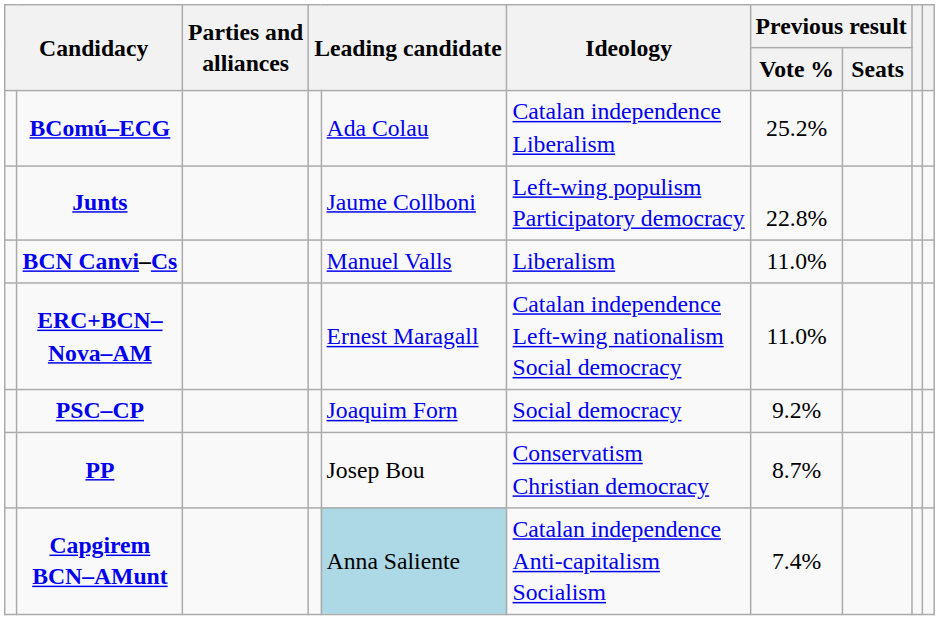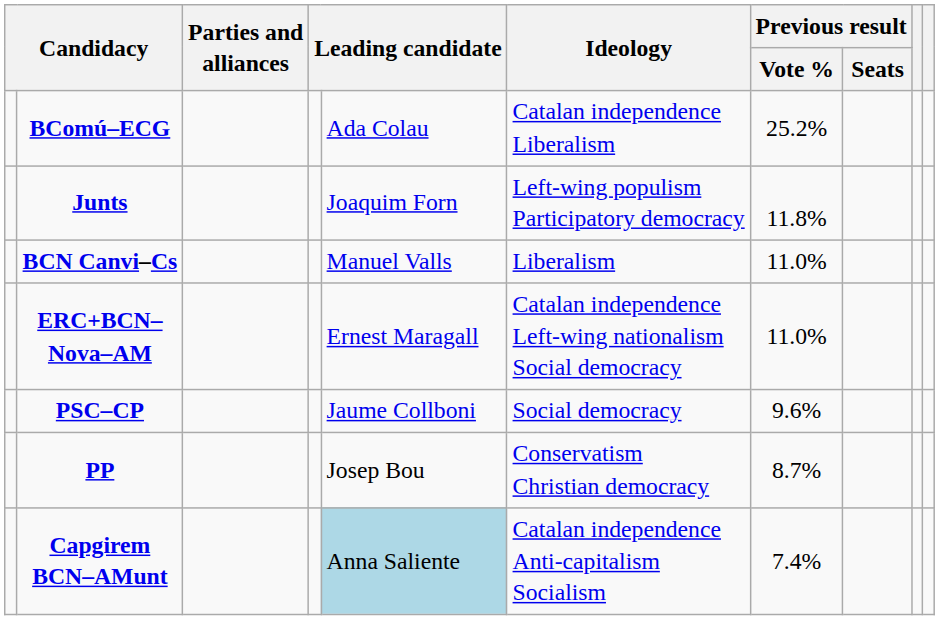 <table class="wikitable" style="line-height:1.35em; text-align:left;">
 <tr>
 <th colspan="2" rowspan="2">Candidacy</th>
 <th rowspan="2">Parties and<br>alliances</th>
 <th colspan="2" rowspan="2">Leading candidate</th>
 <th rowspan="2">Ideology</th>
 <th colspan="2">Previous result</th>
 <th rowspan="2"></th>
 <th rowspan="2"></th>
 </tr>
 <tr>
 <th>Vote %</th>
 <th>Seats</th>
 </tr>
 <tr>
 <td width="1" style="color:inherit;background:"></td>
 <td align="center"><strong><a href='#'>BComú–ECG</a></strong></td>
 <td></td>
 <td></td>
 <td><a href='#'>Ada Colau</a></td>
 <td><a href='#'>Catalan independence</a><br><a href='#'>Liberalism</a></td>
 <td align="center">25.2%</td>
 <td></td>
 <td></td>
 <td></td>
 </tr>
 <tr>
 <td style="color:inherit;background:"></td>
 <td align="center"><strong><a href='#'>Junts</a></strong></td>
 <td></td>
 <td></td>
-<td><a href='#'>Jaume Collboni</a></td>
+<td><a href='#'>Joaquim Forn</a></td>
 <td><a href='#'>Left-wing populism</a><br><a href='#'>Participatory democracy</a></td>
-<td align="center"><br>22.8%<br></td>
+<td align="center"><br>11.8%<br></td>
 <td></td>
 <td></td>
 <td></td>
 </tr>
 <tr>
 <td style="color:inherit;background:"></td>
 <td align="center"><strong><a href='#'>BCN Canvi</a>–<a href='#'>Cs</a></strong></td>
 <td></td>
 <td></td>
 <td><a href='#'>Manuel Valls</a></td>
 <td><a href='#'>Liberalism</a></td>
 <td align="center">11.0%</td>
 <td></td>
 <td></td>
 <td><br></td>
 </tr>
 <tr>
 <td style="color:inherit;background:"></td>
 <td align="center"><strong><a href='#'>ERC+BCN–<br>Nova–AM</a></strong></td>
 <td></td>
 <td></td>
 <td><a href='#'>Ernest Maragall</a></td>
 <td><a href='#'>Catalan independence</a><br><a href='#'>Left-wing nationalism</a><br><a href='#'>Social democracy</a></td>
 <td align="center">11.0%</td>
 <td></td>
 <td></td>
 <td><br></td>
 </tr>
 <tr>
 <td style="color:inherit;background:"></td>
 <td align="center"><strong><a href='#'>PSC–CP</a></strong></td>
 <td></td>
 <td></td>
-<td><a href='#'>Joaquim Forn</a></td>
+<td><a href='#'>Jaume Collboni</a></td>
 <td><a href='#'>Social democracy</a></td>
-<td align="center">9.2%</td>
+<td align="center">9.6%</td>
 <td></td>
 <td></td>
 <td><br></td>
 </tr>
 <tr>
 <td style="color:inherit;background:"></td>
 <td align="center"><strong><a href='#'>PP</a></strong></td>
 <td></td>
 <td></td>
 <td>Josep Bou</td>
 <td><a href='#'>Conservatism</a><br><a href='#'>Christian democracy</a></td>
 <td align="center">8.7%</td>
 <td></td>
 <td></td>
 <td></td>
 </tr>
 <tr>
 <td style="color:inherit;background:"></td>
 <td align="center"><strong><a href='#'>Capgirem<br>BCN–AMunt</a></strong></td>
 <td></td>
 <td></td>
 <td style="background: lightblue;">Anna Saliente</td>
 <td><a href='#'>Catalan independence</a><br><a href='#'>Anti-capitalism</a><br><a href='#'>Socialism</a></td>
 <td align="center">7.4%</td>
 <td></td>
 <td></td>
 <td></td>
 </tr>
 </table>
